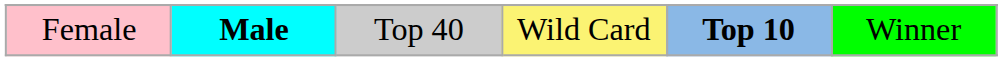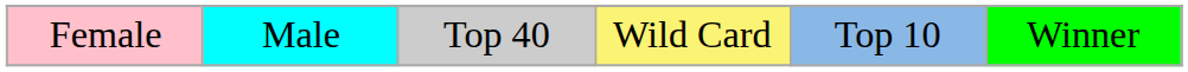 <table class="wikitable" style="margin:1em auto; text-align:center;">
 <tr>
 </tr>
 <tr>
 <td style="background:pink; width:15%;">Female</td>
-<td style="background:cyan; width:15%;"><strong>Male</strong></td>
+<td style="background:cyan; width:15%;">Male</td>
 <td style="background:#ccc; width:15%;">Top 40</td>
 <td style="background:#fbf373; width:15%;">Wild Card</td>
-<td style="background:#8ab8e6; width:15%;"><strong>Top 10</strong></td>
+<td style="background:#8ab8e6; width:15%;">Top 10</td>
 <td style="background:lime; width:15%;">Winner</td>
 </tr>
 </table>
